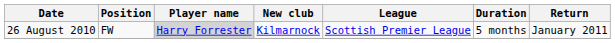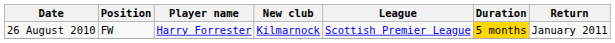 <table class="wikitable">
 <tr>
 <th>Date</th>
 <th>Position</th>
 <th>Player name</th>
 <th>New club</th>
 <th>League</th>
 <th>Duration</th>
 <th>Return</th>
 </tr>
 <tr>
 <td>26 August 2010</td>
 <td>FW</td>
-<td style="background: lightgrey;"> <a href='#'>Harry Forrester</a></td>
+<td> <a href='#'>Harry Forrester</a></td>
 <td> <a href='#'>Kilmarnock</a></td>
 <td> <a href='#'>Scottish Premier League</a></td>
-<td>5 months</td>
+<td style="background: gold;">5 months</td>
 <td>January 2011</td>
 </tr>
 <tr>
 </tr>
 </table>
